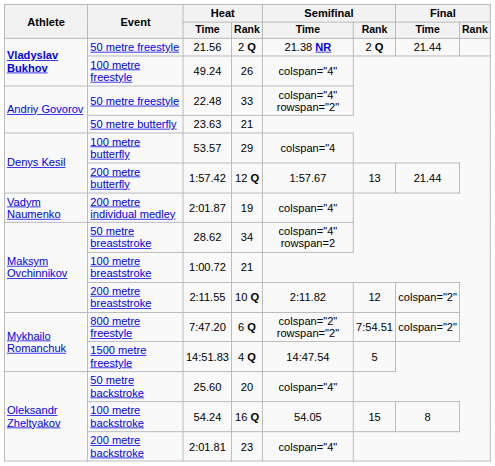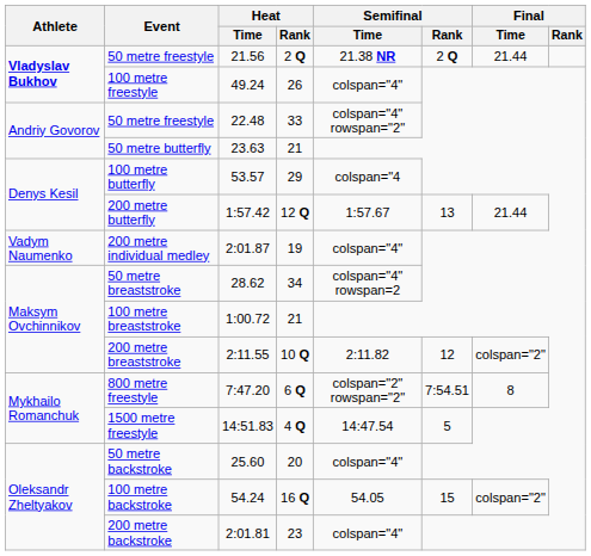 <table class="wikitable" style="text-align:center; font-size:90%; width:50%;">
 <tr>
 <th rowspan="2">Athlete</th>
 <th rowspan="2">Event</th>
 <th colspan="2">Heat</th>
 <th colspan="2">Semifinal</th>
 <th colspan="2">Final</th>
 </tr>
 <tr style="font-size:95%">
 <th>Time</th>
 <th>Rank</th>
 <th>Time</th>
 <th>Rank</th>
 <th>Time</th>
 <th>Rank</th>
 </tr>
 <tr align=center>
 <td align=left rowspan=2><strong><a href='#'>Vladyslav Bukhov</a></strong></td>
 <td align=left><a href='#'>50 metre freestyle</a></td>
 <td>21.56</td>
 <td>2 <strong>Q</strong></td>
 <td>21.38 <strong><a href='#'>NR</a></strong></td>
 <td>2 <strong>Q</strong></td>
 <td>21.44</td>
 <td></td>
 </tr>
 <tr align=center>
 <td align=left><a href='#'>100 metre freestyle</a></td>
 <td>49.24</td>
 <td>26</td>
 <td>colspan="4" </td>
 </tr>
 <tr align=center>
 <td align=left rowspan="2"><a href='#'>Andriy Govorov</a></td>
 <td align=left><a href='#'>50 metre freestyle</a></td>
 <td>22.48</td>
 <td>33</td>
 <td>colspan="4" rowspan="2"</td>
 </tr>
 <tr align=center>
 <td align=left><a href='#'>50 metre butterfly</a></td>
 <td>23.63</td>
 <td>21</td>
 </tr>
 <tr align=center>
 <td align=left rowspan="2"><a href='#'>Denys Kesil</a></td>
 <td align=left><a href='#'>100 metre butterfly</a></td>
 <td>53.57</td>
 <td>29</td>
 <td>colspan="4 </td>
 </tr>
 <tr align=center>
 <td align=left><a href='#'>200 metre butterfly</a></td>
 <td>1:57.42</td>
 <td>12 <strong>Q</strong></td>
 <td>1:57.67</td>
 <td>13</td>
 <td>21.44</td>
 </tr>
 <tr align=center>
 <td align=left><a href='#'>Vadym Naumenko</a></td>
 <td align=left><a href='#'>200 metre individual medley</a></td>
 <td>2:01.87</td>
 <td>19</td>
 <td>colspan="4" </td>
 </tr>
 <tr align=center>
 <td align=left rowspan=3><a href='#'>Maksym Ovchinnikov</a></td>
 <td align=left><a href='#'>50 metre breaststroke</a></td>
 <td>28.62</td>
 <td>34</td>
 <td>colspan="4"  rowspan=2 </td>
 </tr>
 <tr align=center>
 <td align=left><a href='#'>100 metre breaststroke</a></td>
 <td>1:00.72</td>
 <td>21</td>
 </tr>
 <tr align=center>
 <td align=left><a href='#'>200 metre breaststroke</a></td>
 <td>2:11.55</td>
 <td>10 <strong>Q</strong></td>
 <td>2:11.82</td>
 <td>12</td>
 <td>colspan="2"  </td>
 </tr>
 <tr align=center>
 <td align=left rowspan="2"><a href='#'>Mykhailo Romanchuk</a></td>
 <td align=left><a href='#'>800 metre freestyle</a></td>
 <td>7:47.20</td>
 <td>6 <strong>Q</strong></td>
 <td>colspan="2" rowspan="2" </td>
 <td>7:54.51</td>
-<td>colspan="2"   </td>
+<td>8</td>
 </tr>
 <tr align=center>
 <td align=left><a href='#'>1500 metre freestyle</a></td>
 <td>14:51.83</td>
 <td>4 <strong>Q</strong></td>
 <td>14:47.54</td>
 <td>5</td>
 </tr>
 <tr align=center>
 <td align=left rowspan=3><a href='#'>Oleksandr Zheltyakov</a></td>
 <td align=left><a href='#'>50 metre backstroke</a></td>
 <td>25.60</td>
 <td>20</td>
 <td>colspan="4"   </td>
 </tr>
 <tr align=center>
 <td align=left><a href='#'>100 metre backstroke</a></td>
 <td>54.24</td>
 <td>16 <strong>Q</strong></td>
 <td>54.05</td>
 <td>15</td>
-<td>8</td>
+<td>colspan="2"   </td>
 </tr>
 <tr align=center>
 <td align=left><a href='#'>200 metre backstroke</a></td>
 <td>2:01.81</td>
 <td>23</td>
 <td>colspan="4"   </td>
 </tr>
 </table>
